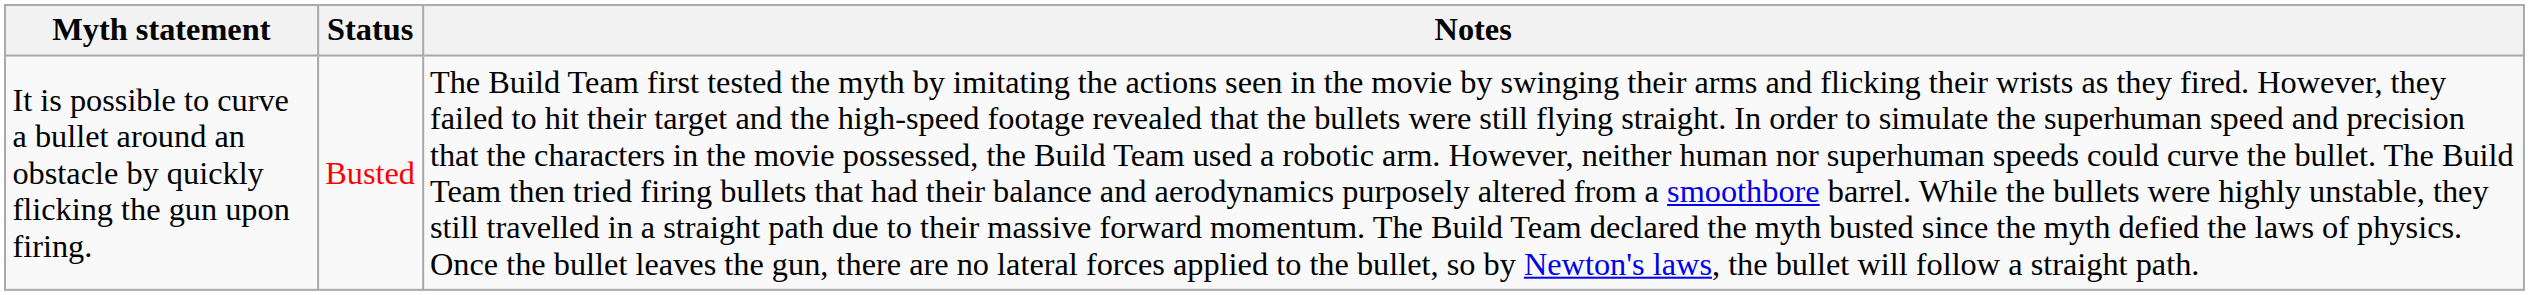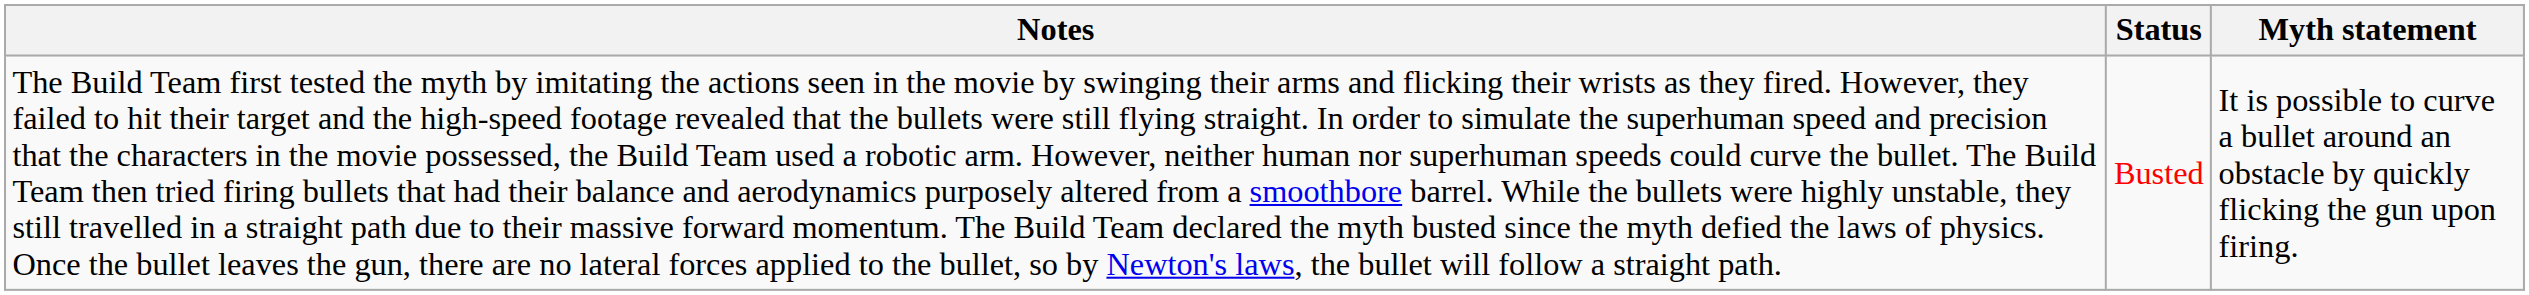 <table class="wikitable plainrowheaders">
 <tr>
+<th>Notes</th>
+<th>Status</th>
 <th>Myth statement</th>
-<th>Status</th>
-<th>Notes</th>
 </tr>
 <tr>
+<td>The Build Team first tested the myth by imitating the actions seen in the movie by swinging their arms and flicking their wrists as they fired. However, they failed to hit their target and the high-speed footage revealed that the bullets were still flying straight. In order to simulate the superhuman speed and precision that the characters in the movie possessed, the Build Team used a robotic arm. However, neither human nor superhuman speeds could curve the bullet. The Build Team then tried firing bullets that had their balance and aerodynamics purposely altered from a <a href='#'>smoothbore</a> barrel. While the bullets were highly unstable, they still travelled in a straight path due to their massive forward momentum. The Build Team declared the myth busted since the myth defied the laws of physics. Once the bullet leaves the gun, there are no lateral forces applied to the bullet, so by <a href='#'>Newton's laws</a>, the bullet will follow a straight path.</td>
+<td style="color:red">Busted</td>
 <td>It is possible to curve a bullet around an obstacle by quickly flicking the gun upon firing.</td>
-<td style="color:red">Busted</td>
-<td>The Build Team first tested the myth by imitating the actions seen in the movie by swinging their arms and flicking their wrists as they fired. However, they failed to hit their target and the high-speed footage revealed that the bullets were still flying straight. In order to simulate the superhuman speed and precision that the characters in the movie possessed, the Build Team used a robotic arm. However, neither human nor superhuman speeds could curve the bullet. The Build Team then tried firing bullets that had their balance and aerodynamics purposely altered from a <a href='#'>smoothbore</a> barrel. While the bullets were highly unstable, they still travelled in a straight path due to their massive forward momentum. The Build Team declared the myth busted since the myth defied the laws of physics. Once the bullet leaves the gun, there are no lateral forces applied to the bullet, so by <a href='#'>Newton's laws</a>, the bullet will follow a straight path.</td>
 </tr>
 </table>
